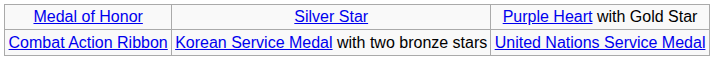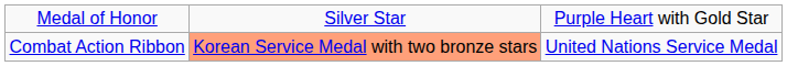 <table class="wikitable" style="margin:1em auto; text-align:center;">
 <tr>
 <td><a href='#'>Medal of Honor</a></td>
 <td><a href='#'>Silver Star</a></td>
 <td><a href='#'>Purple Heart</a> with Gold Star</td>
 </tr>
 <tr>
 <td><a href='#'>Combat Action Ribbon</a></td>
-<td><a href='#'>Korean Service Medal</a> with two bronze stars</td>
+<td style="background: lightsalmon;"><a href='#'>Korean Service Medal</a> with two bronze stars</td>
 <td><a href='#'>United Nations Service Medal</a></td>
 </tr>
 <tr>
 </tr>
 </table>
